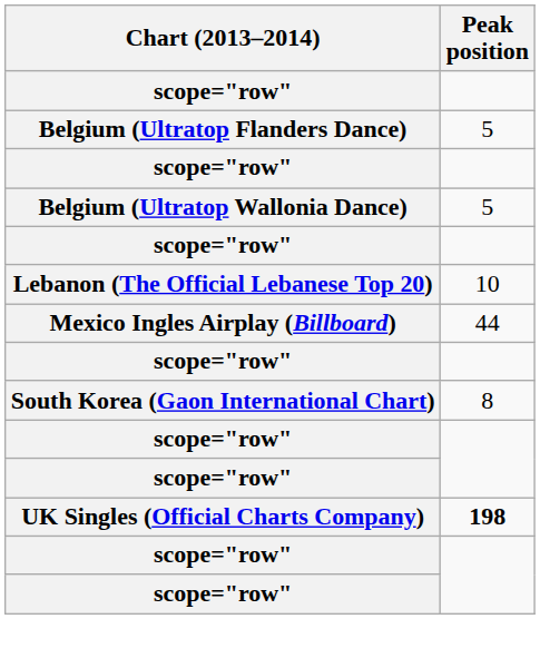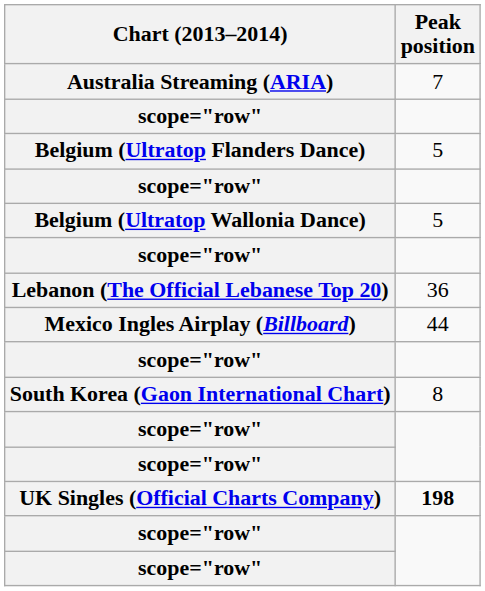 <table class="wikitable sortable plainrowheaders">
 <tr>
 <th scope="col">Chart (2013–2014)</th>
 <th scope="col">Peak<br>position</th>
+</tr>
+<tr>
+<th scope="row">Australia Streaming (<a href='#'>ARIA</a>)</th>
+<td align=center>7</td>
 </tr>
 <tr>
 <th>scope="row" </th>
 </tr>
 <tr>
 <th scope="row">Belgium (<a href='#'>Ultratop</a> Flanders Dance)</th>
 <td align=center>5</td>
 </tr>
 <tr>
 <th>scope="row" </th>
 </tr>
 <tr>
 <th scope="row">Belgium (<a href='#'>Ultratop</a> Wallonia Dance)</th>
 <td align=center>5</td>
 </tr>
 <tr>
 <th>scope="row" </th>
 </tr>
 <tr>
 <th scope="row">Lebanon (<a href='#'>The Official Lebanese Top 20</a>)</th>
-<td align=center>10</td>
+<td align=center>36</td>
 </tr>
 <tr>
 <th scope="row">Mexico Ingles Airplay (<em><a href='#'>Billboard</a></em>)</th>
 <td style="text-align:center;">44</td>
 </tr>
 <tr>
 <th>scope="row" </th>
 </tr>
 <tr>
 <th scope="row">South Korea (<a href='#'>Gaon International Chart</a>)</th>
 <td style="text-align:center;">8</td>
 </tr>
 <tr>
 <th>scope="row" </th>
 </tr>
 <tr>
 <th>scope="row" </th>
 </tr>
 <tr>
 <th scope="row">UK Singles (<a href='#'>Official Charts Company</a>)</th>
 <td style="text-align:center;"><strong>198</strong></td>
 </tr>
 <tr>
 <th>scope="row" </th>
 </tr>
 <tr>
 <th>scope="row" </th>
 </tr>
 </table>
